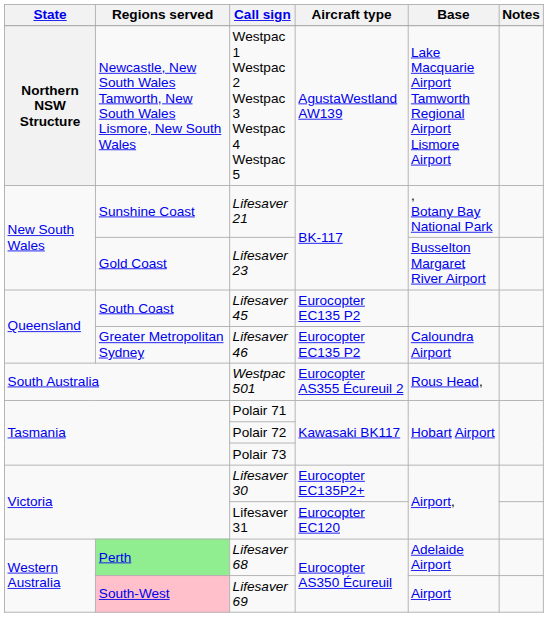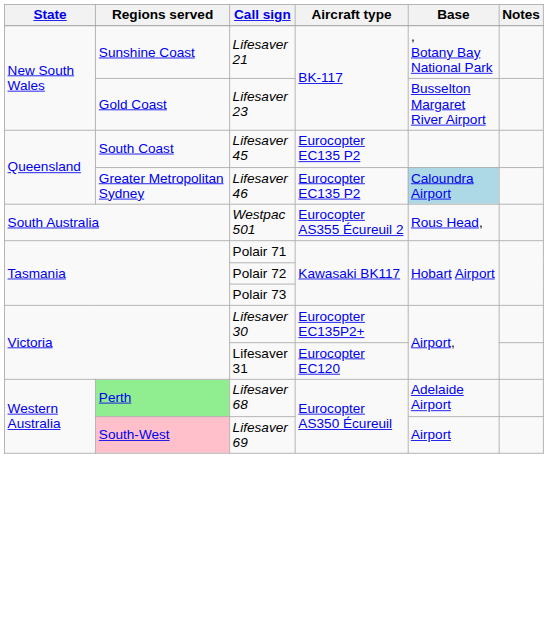 <table class="wikitable sortable plainrowheaders">
 <tr>
 <th scope="col" width="100pt"><a href='#'>State</a></th>
 <th scope="col" width="150pt">Regions served</th>
 <th scope="col" width="70pt"><a href='#'>Call sign</a></th>
 <th scope="col" width="125pt">Aircraft type</th>
 <th scope="col" width="100pt">Base</th>
 <th scope="col" width="5pt">Notes</th>
 </tr>
 <tr>
-</tr>
-<tr>
-<th>Northern NSW<br>Structure</th>
-<td><a href='#'>Newcastle, New South Wales</a><br><a href='#'>Tamworth, New South Wales</a> <a href='#'>Lismore, New South Wales</a></td>
-<td>Westpac 1<br>Westpac 2 Westpac 3 Westpac 4 Westpac 5</td>
-<td><a href='#'>AgustaWestland AW139</a></td>
-<td><a href='#'>Lake Macquarie Airport</a><br><a href='#'>Tamworth Regional Airport</a> <a href='#'>Lismore Airport</a></td>
-<td></td>
 </tr>
 <tr>
 <td rowspan="2"><a href='#'>New South Wales</a></td>
 <td><a href='#'>Sunshine Coast</a></td>
 <td><em>Lifesaver 21</em></td>
 <td rowspan="2"><a href='#'>BK-117</a></td>
 <td>,<br><a href='#'>Botany Bay National Park</a></td>
 <td></td>
 </tr>
 <tr>
 <td rowspan="1"><a href='#'>Gold Coast</a></td>
 <td><em>Lifesaver 23</em></td>
 <td><a href='#'>Busselton Margaret River Airport</a></td>
 <td></td>
 </tr>
 <tr>
 <td rowspan="2"><a href='#'>Queensland</a></td>
 <td><a href='#'>South Coast</a></td>
 <td><em>Lifesaver 45</em></td>
 <td><a href='#'>Eurocopter EC135 P2</a></td>
 <td></td>
 <td></td>
 </tr>
 <tr>
 <td><a href='#'>Greater Metropolitan Sydney</a></td>
 <td><em>Lifesaver 46</em></td>
 <td><a href='#'>Eurocopter EC135 P2</a></td>
-<td><a href='#'>Caloundra</a> <a href='#'>Airport</a></td>
+<td style="background: lightblue;"><a href='#'>Caloundra</a> <a href='#'>Airport</a></td>
 <td></td>
 </tr>
 <tr>
 <td colspan="2"><a href='#'>South Australia</a></td>
 <td><em>Westpac 501</em></td>
 <td><a href='#'>Eurocopter AS355 Écureuil 2</a></td>
 <td><a href='#'>Rous Head</a>, </td>
 <td></td>
 </tr>
 <tr>
 <td colspan="2" rowspan="3"><a href='#'>Tasmania</a></td>
 <td>Polair 71</td>
 <td rowspan="3"><a href='#'>Kawasaki BK117</a></td>
 <td rowspan="3"><a href='#'>Hobart</a> <a href='#'>Airport</a></td>
 <td rowspan="3"></td>
 </tr>
 <tr>
 <td>Polair 72</td>
 </tr>
 <tr>
 <td>Polair 73</td>
 </tr>
 <tr>
 <td colspan="2" rowspan="2"><a href='#'>Victoria</a></td>
 <td><em>Lifesaver 30</em></td>
 <td><a href='#'>Eurocopter EC135P2+</a></td>
 <td rowspan="2"> <a href='#'>Airport</a>, </td>
 <td></td>
 </tr>
 <tr>
 <td>Lifesaver 31</td>
 <td><a href='#'>Eurocopter EC120</a></td>
 <td></td>
 </tr>
 <tr>
 <td rowspan="2"><a href='#'>Western Australia</a></td>
 <td style="background: lightgreen;"><a href='#'>Perth</a></td>
 <td><em>Lifesaver 68</em></td>
 <td rowspan="2"><a href='#'>Eurocopter AS350 Écureuil</a></td>
 <td><a href='#'>Adelaide Airport</a></td>
 <td></td>
 </tr>
 <tr>
 <td style="background: pink;"><a href='#'>South-West</a></td>
 <td><em>Lifesaver 69</em></td>
 <td> <a href='#'>Airport</a></td>
 <td></td>
 </tr>
 </table>
